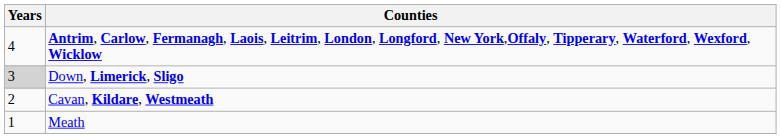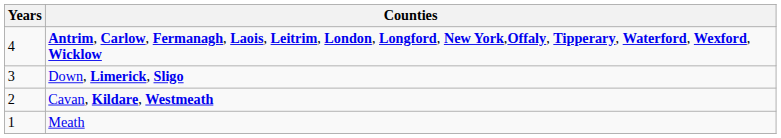 <table class="wikitable">
 <tr>
 <th>Years</th>
 <th>Counties</th>
 </tr>
 <tr>
 <td>4</td>
 <td><strong><a href='#'>Antrim</a></strong>, <strong><a href='#'>Carlow</a></strong>, <strong><a href='#'>Fermanagh</a></strong>, <strong><a href='#'>Laois</a></strong>, <strong><a href='#'>Leitrim</a></strong>, <strong><a href='#'>London</a></strong>, <strong><a href='#'>Longford</a></strong>, <strong><a href='#'>New York</a></strong>,<strong><a href='#'>Offaly</a></strong>, <strong><a href='#'>Tipperary</a></strong>, <strong><a href='#'>Waterford</a></strong>, <strong><a href='#'>Wexford</a></strong>,  <strong><a href='#'>Wicklow</a></strong></td>
 </tr>
 <tr>
-<td style="background: lightgrey;">3</td>
+<td>3</td>
 <td><a href='#'>Down</a>, <strong><a href='#'>Limerick</a></strong>, <strong><a href='#'>Sligo</a></strong></td>
 </tr>
 <tr>
 <td>2</td>
 <td><a href='#'>Cavan</a>, <strong><a href='#'>Kildare</a></strong>, <strong><a href='#'>Westmeath</a></strong></td>
 </tr>
 <tr>
 <td>1</td>
 <td><a href='#'>Meath</a></td>
 </tr>
 </table>
